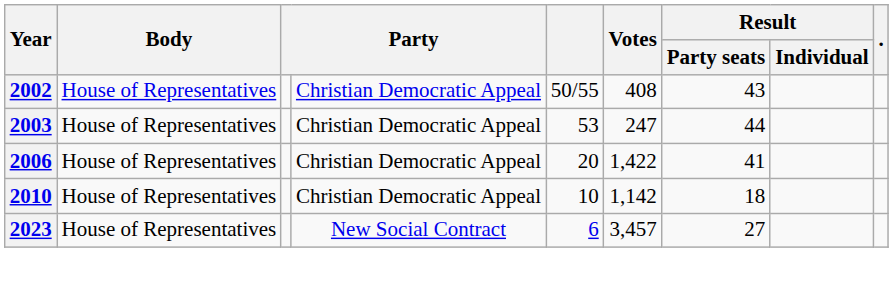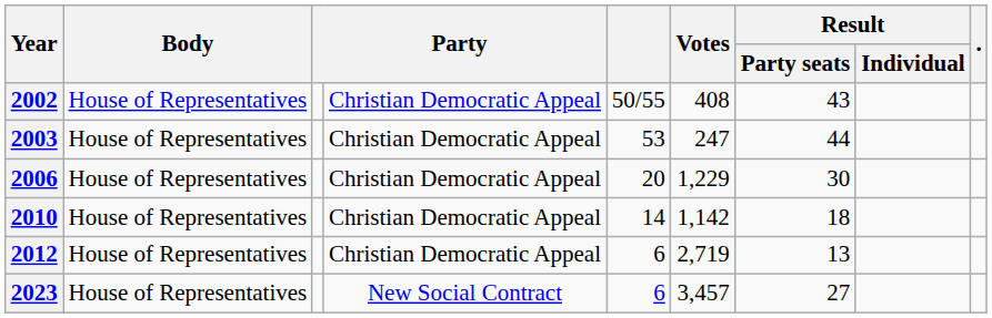 <table class="wikitable plainrowheaders sortable" border=2 cellpadding=4 cellspacing=0 style="border: 1px #aaa solid; font-size: 90%; text-align:center;">
 <tr>
 <th scope="col" rowspan=2>Year</th>
 <th scope="col" rowspan=2>Body</th>
 <th scope="col" colspan=2 rowspan=2>Party</th>
 <th scope="col" rowspan=2></th>
 <th scope="col" rowspan=2>Votes</th>
 <th scope="colgroup" colspan=2>Result</th>
 <th scope="col" rowspan=2 class="unsortable">.</th>
 </tr>
 <tr>
 <th scope="col">Party seats</th>
 <th scope="col">Individual</th>
 </tr>
 <tr>
 <th scope="row"><a href='#'>2002</a></th>
 <td><a href='#'>House of Representatives</a></td>
 <td style="background-color:"></td>
 <td><a href='#'>Christian Democratic Appeal</a></td>
 <td style=text-align:right>50/55</td>
 <td style=text-align:right>408</td>
 <td style=text-align:right>43</td>
 <td></td>
 <td></td>
 </tr>
 <tr>
 <th scope="row"><a href='#'>2003</a></th>
 <td>House of Representatives</td>
 <td style="background-color:"></td>
 <td>Christian Democratic Appeal</td>
 <td style=text-align:right>53</td>
 <td style=text-align:right>247</td>
 <td style=text-align:right>44</td>
 <td></td>
 <td></td>
 </tr>
 <tr>
 <th scope="row"><a href='#'>2006</a></th>
 <td>House of Representatives</td>
 <td style="background-color:"></td>
 <td>Christian Democratic Appeal</td>
 <td style=text-align:right>20</td>
-<td style=text-align:right>1,422</td>
-<td style=text-align:right>41</td>
+<td style=text-align:right>1,229</td>
+<td style=text-align:right>30</td>
 <td></td>
 <td></td>
 </tr>
 <tr>
 <th scope="row"><a href='#'>2010</a></th>
 <td>House of Representatives</td>
 <td style="background-color:"></td>
 <td>Christian Democratic Appeal</td>
-<td style=text-align:right>10</td>
+<td style=text-align:right>14</td>
 <td style=text-align:right>1,142</td>
 <td style=text-align:right>18</td>
+<td></td>
+<td></td>
+</tr>
+<tr>
+<th scope="row"><a href='#'>2012</a></th>
+<td>House of Representatives</td>
+<td style="background-color:"></td>
+<td>Christian Democratic Appeal</td>
+<td style=text-align:right>6</td>
+<td style=text-align:right>2,719</td>
+<td style=text-align:right>13</td>
 <td></td>
 <td></td>
 </tr>
 <tr>
 <th scope="row"><a href='#'>2023</a></th>
 <td>House of Representatives</td>
 <td style="background-color:"></td>
 <td><a href='#'>New Social Contract</a></td>
 <td style=text-align:right><a href='#'>6</a></td>
 <td style=text-align:right>3,457</td>
 <td style=text-align:right>27</td>
 <td></td>
 <td></td>
 </tr>
 </table>
